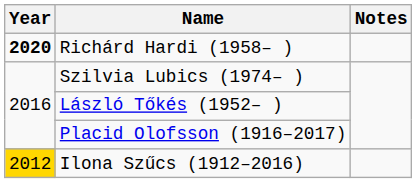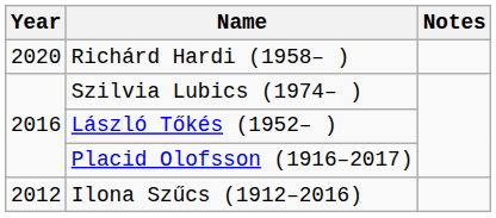 <table class="wikitable">
 <tr>
 <th><strong>Year</strong></th>
 <th><strong>Name</strong></th>
 <th><strong>Notes</strong></th>
 </tr>
 <tr>
-<td><strong>2020</strong></td>
+<td>2020</td>
 <td>Richárd Hardi (1958– )</td>
 <td></td>
 </tr>
 <tr>
 <td rowspan="3">2016</td>
 <td>Szilvia Lubics (1974– )</td>
 <td rowspan="3"></td>
 </tr>
 <tr>
 <td><a href='#'>László Tőkés</a> (1952– )</td>
 </tr>
 <tr>
 <td><a href='#'>Placid Olofsson</a> (1916–2017)</td>
 </tr>
 <tr>
-<td style="background: gold;">2012</td>
+<td>2012</td>
 <td>Ilona Szűcs (1912–2016)</td>
 <td></td>
 </tr>
 </table>
